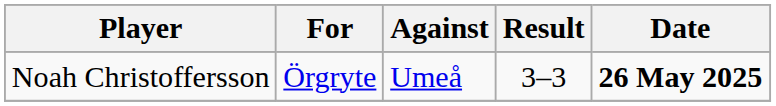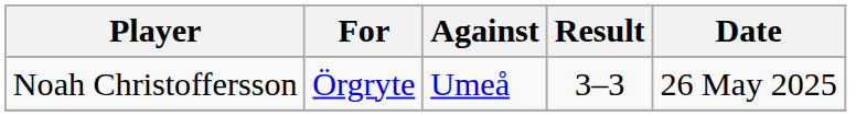 <table class="wikitable sortable">
 <tr>
 <th>Player</th>
 <th>For</th>
 <th>Against</th>
 <th align=center>Result</th>
 <th>Date</th>
 </tr>
 <tr>
 <td align="left"> Noah Christoffersson</td>
 <td align="left"><a href='#'>Örgryte</a></td>
 <td align="left"><a href='#'>Umeå</a></td>
 <td align="center">3–3</td>
-<td align="center"><strong>26 May 2025</strong></td>
+<td align="center">26 May 2025</td>
 </tr>
 <tr>
 </tr>
 </table>
